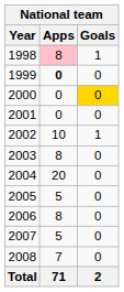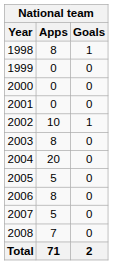 <table class="wikitable" style="text-align:center">
 <tr>
 <th colspan=3>National team</th>
 </tr>
 <tr>
 <th>Year</th>
 <th>Apps</th>
 <th>Goals</th>
 </tr>
 <tr>
 <td>1998</td>
-<td style="background: pink;">8</td>
+<td>8</td>
 <td>1</td>
 </tr>
 <tr>
 <td>1999</td>
-<td><strong>0</strong></td>
+<td>0</td>
 <td>0</td>
 </tr>
 <tr>
 <td>2000</td>
 <td>0</td>
-<td style="background: gold;">0</td>
+<td>0</td>
 </tr>
 <tr>
 <td>2001</td>
 <td>0</td>
 <td>0</td>
 </tr>
 <tr>
 <td>2002</td>
 <td>10</td>
 <td>1</td>
 </tr>
 <tr>
 <td>2003</td>
 <td>8</td>
 <td>0</td>
 </tr>
 <tr>
 <td>2004</td>
 <td>20</td>
 <td>0</td>
 </tr>
 <tr>
 <td>2005</td>
 <td>5</td>
 <td>0</td>
 </tr>
 <tr>
 <td>2006</td>
 <td>8</td>
 <td>0</td>
 </tr>
 <tr>
 <td>2007</td>
 <td>5</td>
 <td>0</td>
 </tr>
 <tr>
 <td>2008</td>
 <td>7</td>
 <td>0</td>
 </tr>
 <tr>
 <th>Total</th>
 <th>71</th>
 <th>2</th>
 </tr>
 </table>
